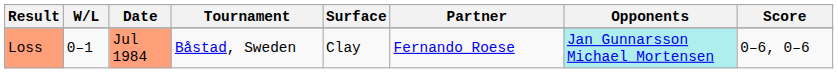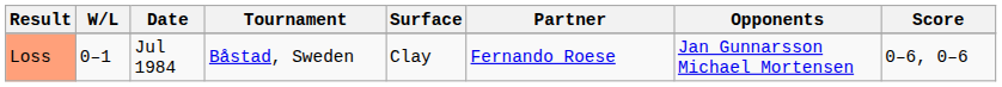 <table class="sortable wikitable">
 <tr>
 <th style="width:40px">Result</th>
 <th style="width:35px" class="unsortable">W/L</th>
 <th style="width:50px">Date</th>
 <th style="width:130px">Tournament</th>
 <th style="width:50px">Surface</th>
 <th style="width:150px">Partner</th>
 <th style="width:150px">Opponents</th>
 <th style="width:80px" class="unsortable">Score</th>
 </tr>
 <tr>
 </tr>
 <tr>
 <td style="background:#ffa07a;">Loss</td>
 <td>0–1</td>
-<td style="background: lightsalmon;">Jul 1984</td>
+<td>Jul 1984</td>
 <td><a href='#'>Båstad</a>, Sweden</td>
 <td>Clay</td>
 <td> <a href='#'>Fernando Roese</a></td>
-<td style="background: paleturquoise;"> <a href='#'>Jan Gunnarsson</a> <br>  <a href='#'>Michael Mortensen</a></td>
+<td> <a href='#'>Jan Gunnarsson</a> <br>  <a href='#'>Michael Mortensen</a></td>
 <td>0–6, 0–6</td>
 </tr>
 </table>
